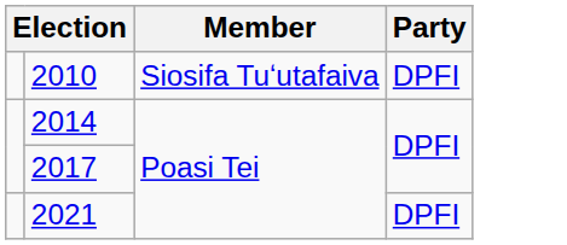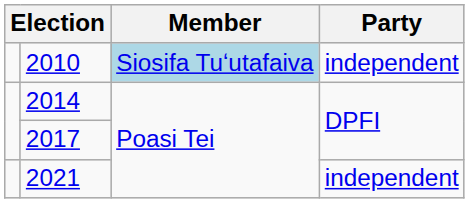 <table class="wikitable">
 <tr>
 <th colspan="2">Election</th>
 <th>Member</th>
 <th>Party</th>
 </tr>
 <tr>
 <td style="background-color: "></td>
 <td><a href='#'>2010</a></td>
-<td><a href='#'>Siosifa Tuʻutafaiva</a></td>
-<td><a href='#'>DPFI</a></td>
+<td style="background: lightblue;"><a href='#'>Siosifa Tuʻutafaiva</a></td>
+<td><a href='#'>independent</a></td>
 </tr>
 <tr>
 <td rowspan="2" style="background-color: "></td>
 <td><a href='#'>2014</a></td>
 <td rowspan="3"><a href='#'>Poasi Tei</a></td>
 <td rowspan="2"><a href='#'>DPFI</a></td>
 </tr>
 <tr>
 <td><a href='#'>2017</a></td>
 </tr>
 <tr>
 <td style="background-color: "></td>
 <td><a href='#'>2021</a></td>
-<td><a href='#'>DPFI</a></td>
+<td><a href='#'>independent</a></td>
 </tr>
 </table>
